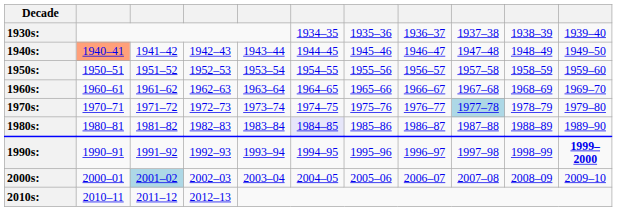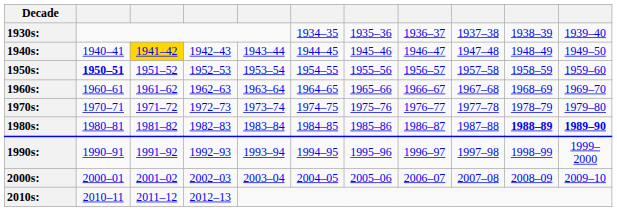 <table class="wikitable" style="text-align: center;">
 <tr>
 <th style="width: 90px;">Decade</th>
 <th style="width: 65px;"></th>
 <th style="width: 65px;"></th>
 <th style="width: 65px;"></th>
 <th style="width: 65px;"></th>
 <th style="width: 65px;"></th>
 <th style="width: 65px;"></th>
 <th style="width: 65px;"></th>
 <th style="width: 65px;"></th>
 <th style="width: 65px;"></th>
 <th style="width: 65px;"></th>
 </tr>
 <tr>
 <th style="text-align: left;"><strong>1930s:</strong></th>
 <td colspan=4></td>
 <td><a href='#'>1934–35</a></td>
 <td><a href='#'>1935–36</a></td>
 <td><a href='#'>1936–37</a></td>
 <td><a href='#'>1937–38</a></td>
 <td><a href='#'>1938–39</a></td>
 <td><a href='#'>1939–40</a></td>
 </tr>
 <tr>
 <th style="text-align: left;"><strong>1940s:</strong></th>
-<td style="background: lightsalmon;"><a href='#'>1940–41</a></td>
-<td><a href='#'>1941–42</a></td>
+<td><a href='#'>1940–41</a></td>
+<td style="background: gold;"><a href='#'>1941–42</a></td>
 <td><a href='#'>1942–43</a></td>
 <td><a href='#'>1943–44</a></td>
 <td><a href='#'>1944–45</a></td>
 <td><a href='#'>1945–46</a></td>
 <td><a href='#'>1946–47</a></td>
 <td><a href='#'>1947–48</a></td>
 <td><a href='#'>1948–49</a></td>
 <td><a href='#'>1949–50</a></td>
 </tr>
 <tr>
 <th style="text-align: left;"><strong>1950s:</strong></th>
-<td><a href='#'>1950–51</a></td>
+<td><strong><a href='#'>1950–51</a></strong></td>
 <td><a href='#'>1951–52</a></td>
 <td><a href='#'>1952–53</a></td>
 <td><a href='#'>1953–54</a></td>
 <td><a href='#'>1954–55</a></td>
 <td><a href='#'>1955–56</a></td>
 <td><a href='#'>1956–57</a></td>
 <td><a href='#'>1957–58</a></td>
 <td><a href='#'>1958–59</a></td>
 <td><a href='#'>1959–60</a></td>
 </tr>
 <tr>
 <th style="text-align: left;"><strong>1960s:</strong></th>
 <td><a href='#'>1960–61</a></td>
 <td><a href='#'>1961–62</a></td>
 <td><a href='#'>1962–63</a></td>
 <td><a href='#'>1963–64</a></td>
 <td><a href='#'>1964–65</a></td>
 <td><a href='#'>1965–66</a></td>
 <td><a href='#'>1966–67</a></td>
 <td><a href='#'>1967–68</a></td>
 <td><a href='#'>1968–69</a></td>
 <td><a href='#'>1969–70</a></td>
 </tr>
 <tr>
 <th style="text-align: left;"><strong>1970s:</strong></th>
 <td><a href='#'>1970–71</a></td>
 <td><a href='#'>1971–72</a></td>
 <td><a href='#'>1972–73</a></td>
 <td><a href='#'>1973–74</a></td>
 <td><a href='#'>1974–75</a></td>
 <td><a href='#'>1975–76</a></td>
 <td><a href='#'>1976–77</a></td>
-<td style="background: lightblue;"><a href='#'>1977–78</a></td>
+<td><a href='#'>1977–78</a></td>
 <td><a href='#'>1978–79</a></td>
 <td><a href='#'>1979–80</a></td>
 </tr>
 <tr style="border-bottom:2px solid blue;">
 <th style="text-align: left;"><strong>1980s:</strong></th>
 <td><a href='#'>1980–81</a></td>
 <td><a href='#'>1981–82</a></td>
 <td><a href='#'>1982–83</a></td>
 <td><a href='#'>1983–84</a></td>
-<td style="background: lavender;"><a href='#'>1984–85</a></td>
+<td><a href='#'>1984–85</a></td>
 <td><a href='#'>1985–86</a></td>
 <td><a href='#'>1986–87</a></td>
 <td><a href='#'>1987–88</a></td>
-<td><a href='#'>1988–89</a></td>
-<td><a href='#'>1989–90</a></td>
+<td><strong><a href='#'>1988–89</a></strong></td>
+<td><strong><a href='#'>1989–90</a></strong></td>
 </tr>
 <tr>
 <th style="text-align: left;"><strong>1990s:</strong></th>
 <td><a href='#'>1990–91</a></td>
 <td><a href='#'>1991–92</a></td>
 <td><a href='#'>1992–93</a></td>
 <td><a href='#'>1993–94</a></td>
 <td><a href='#'>1994–95</a></td>
 <td><a href='#'>1995–96</a></td>
 <td><a href='#'>1996–97</a></td>
 <td><a href='#'>1997–98</a></td>
 <td><a href='#'>1998–99</a></td>
-<td><strong><a href='#'>1999–2000</a></strong></td>
+<td><a href='#'>1999–2000</a></td>
 </tr>
 <tr>
 <th style="text-align: left;"><strong>2000s:</strong></th>
 <td><a href='#'>2000–01</a></td>
-<td style="background: lightblue;"><a href='#'>2001–02</a></td>
+<td><a href='#'>2001–02</a></td>
 <td><a href='#'>2002–03</a></td>
 <td><a href='#'>2003–04</a></td>
 <td><a href='#'>2004–05</a></td>
 <td><a href='#'>2005–06</a></td>
 <td><a href='#'>2006–07</a></td>
 <td><a href='#'>2007–08</a></td>
 <td><a href='#'>2008–09</a></td>
 <td><a href='#'>2009–10</a></td>
 </tr>
 <tr>
 <th style="text-align: left;"><strong>2010s:</strong></th>
 <td><a href='#'>2010–11</a></td>
 <td><a href='#'>2011–12</a></td>
 <td><a href='#'>2012–13</a></td>
 <td colspan=7></td>
 </tr>
 </table>
